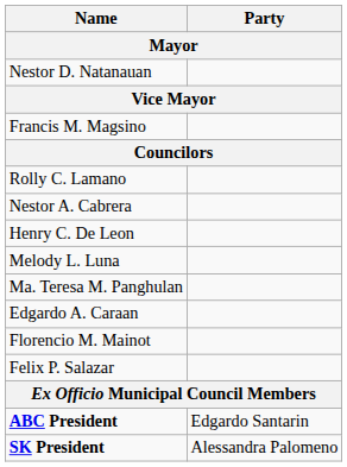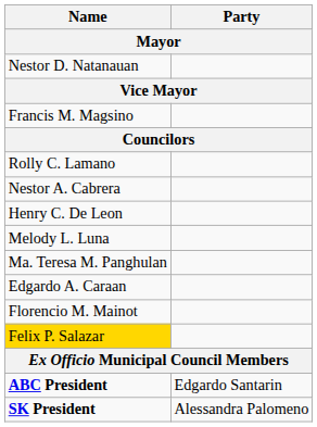 <table class=wikitable>
 <tr>
 <th>Name</th>
 <th colspan=2>Party</th>
 </tr>
 <tr>
 <th colspan=3>Mayor</th>
 </tr>
 <tr>
 <td>Nestor D. Natanauan</td>
 <td></td>
 </tr>
 <tr>
 <th colspan=3>Vice Mayor</th>
 </tr>
 <tr>
 <td>Francis M. Magsino</td>
 <td></td>
 </tr>
 <tr>
 <th colspan=3>Councilors</th>
 </tr>
 <tr>
 <td>Rolly C. Lamano</td>
 <td></td>
 </tr>
 <tr>
 <td>Nestor A. Cabrera</td>
 <td></td>
 </tr>
 <tr>
 <td>Henry C. De Leon</td>
 <td></td>
 </tr>
 <tr>
 <td>Melody L. Luna</td>
 <td></td>
 </tr>
 <tr>
 <td>Ma. Teresa M. Panghulan</td>
 <td></td>
 </tr>
 <tr>
 <td>Edgardo A. Caraan</td>
 <td></td>
 </tr>
 <tr>
 <td>Florencio M. Mainot</td>
 <td></td>
 </tr>
 <tr>
-<td>Felix P. Salazar</td>
+<td style="background: gold;">Felix P. Salazar</td>
 <td></td>
 </tr>
 <tr>
 <th colspan=4><em>Ex Officio</em> Municipal Council Members</th>
 </tr>
 <tr>
 <td><strong><a href='#'>ABC</a> President</strong></td>
 <td colspan=3>Edgardo Santarin<br></td>
 </tr>
 <tr>
 <td><strong><a href='#'>SK</a> President</strong></td>
 <td colspan=3>Alessandra Palomeno<br></td>
 </tr>
 </table>
